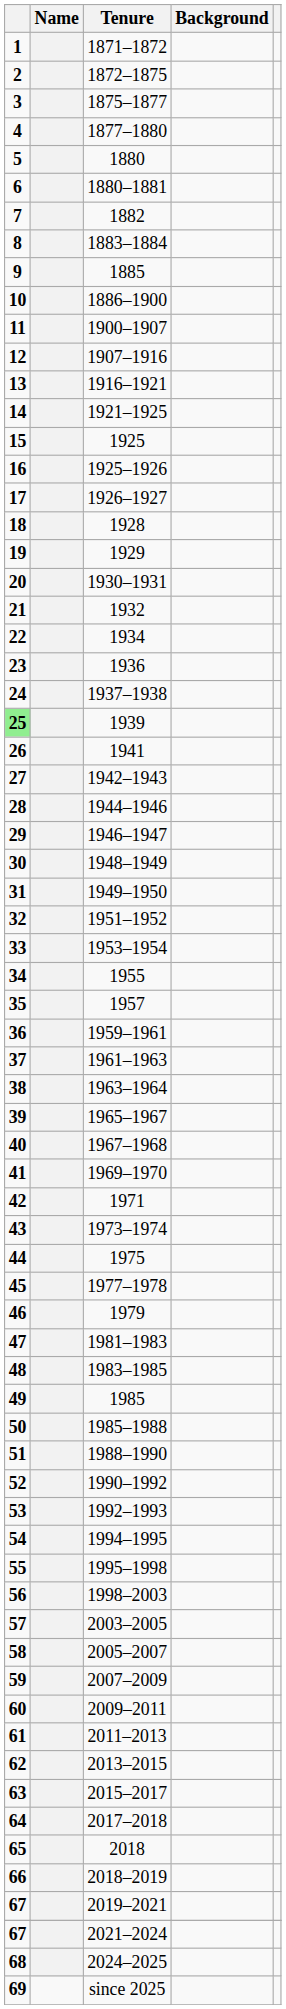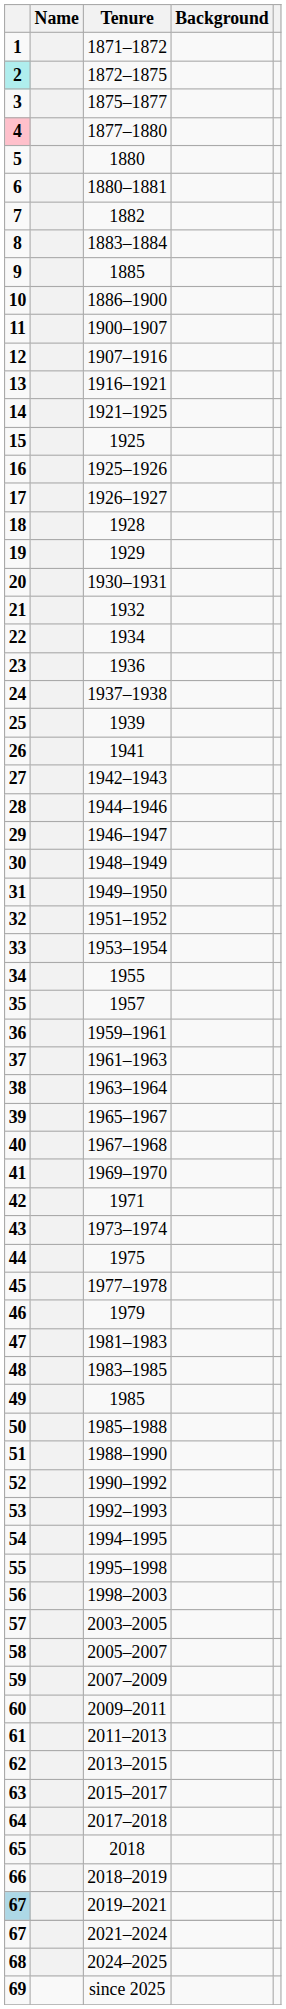 <table class="wikitable sortable plainrowheaders">
 <tr>
 <th scope="col"></th>
 <th scope="col">Name</th>
 <th scope="col">Tenure</th>
 <th class="unsortable" scope="col">Background</th>
 <th class="unsortable" scope="col"></th>
 </tr>
 <tr id="1">
 <td style="text-align:center;" scope="row"><strong>1</strong></td>
 <th scope="row"></th>
 <td style="text-align:center;">1871–1872</td>
 <td></td>
 <td style="text-align:center;"></td>
 </tr>
 <tr id="2">
-<td style="text-align:center;" scope="row"><strong>2</strong></td>
+<td style="background: paleturquoise; text-align:center;" scope="row"><strong>2</strong></td>
 <th scope="row"></th>
 <td style="text-align:center;">1872–1875</td>
 <td></td>
 <td style="text-align:center;"></td>
 </tr>
 <tr id="3">
 <td style="text-align:center;" scope="row"><strong>3</strong></td>
 <th scope="row"></th>
 <td style="text-align:center;">1875–1877</td>
 <td></td>
 <td style="text-align:center;"></td>
 </tr>
 <tr id="4">
-<td style="text-align:center;" scope="row"><strong>4</strong></td>
+<td style="background: pink; text-align:center;" scope="row"><strong>4</strong></td>
 <th scope="row"></th>
 <td style="text-align:center;">1877–1880</td>
 <td></td>
 <td style="text-align:center;"></td>
 </tr>
 <tr id="5">
 <td style="text-align:center;" scope="row"><strong>5</strong></td>
 <th scope="row"></th>
 <td style="text-align:center;">1880</td>
 <td></td>
 <td style="text-align:center;"></td>
 </tr>
 <tr id="6">
 <td style="text-align:center;" scope="row"><strong>6</strong></td>
 <th scope="row"></th>
 <td style="text-align:center;">1880–1881</td>
 <td></td>
 <td style="text-align:center;"></td>
 </tr>
 <tr id="7">
 <td style="text-align:center;" scope="row"><strong>7</strong></td>
 <th scope="row"></th>
 <td style="text-align:center;">1882</td>
 <td></td>
 <td style="text-align:center;"></td>
 </tr>
 <tr id="8">
 <td style="text-align:center;" scope="row"><strong>8</strong></td>
 <th scope="row"></th>
 <td style="text-align:center;">1883–1884</td>
 <td></td>
 <td style="text-align:center;"></td>
 </tr>
 <tr id="9">
 <td style="text-align:center;" scope="row"><strong>9</strong></td>
 <th scope="row"></th>
 <td style="text-align:center;">1885</td>
 <td></td>
 <td style="text-align:center;"></td>
 </tr>
 <tr id="10">
 <td style="text-align:center;" scope="row"><strong>10</strong></td>
 <th scope="row"></th>
 <td style="text-align:center;">1886–1900</td>
 <td></td>
 <td style="text-align:center;"></td>
 </tr>
 <tr id="11">
 <td style="text-align:center;" scope="row"><strong>11</strong></td>
 <th scope="row"></th>
 <td style="text-align:center;">1900–1907</td>
 <td></td>
 <td style="text-align:center;"></td>
 </tr>
 <tr id="12">
 <td style="text-align:center;" scope="row"><strong>12</strong></td>
 <th scope="row"></th>
 <td style="text-align:center;">1907–1916</td>
 <td></td>
 <td style="text-align:center;"></td>
 </tr>
 <tr id="13">
 <td style="text-align:center;" scope="row"><strong>13</strong></td>
 <th scope="row"></th>
 <td style="text-align:center;">1916–1921</td>
 <td></td>
 <td style="text-align:center;"></td>
 </tr>
 <tr id="14">
 <td style="text-align:center;" scope="row"><strong>14</strong></td>
 <th scope="row"></th>
 <td style="text-align:center;">1921–1925</td>
 <td></td>
 <td style="text-align:center;"></td>
 </tr>
 <tr id="15">
 <td style="text-align:center;" scope="row"><strong>15</strong></td>
 <th scope="row"></th>
 <td style="text-align:center;">1925</td>
 <td></td>
 <td style="text-align:center;"></td>
 </tr>
 <tr id="16">
 <td style="text-align:center;" scope="row"><strong>16</strong></td>
 <th scope="row"></th>
 <td style="text-align:center;">1925–1926</td>
 <td></td>
 <td style="text-align:center;"></td>
 </tr>
 <tr id="17">
 <td style="text-align:center;" scope="row"><strong>17</strong></td>
 <th scope="row"></th>
 <td style="text-align:center;">1926–1927</td>
 <td></td>
 <td style="text-align:center;"></td>
 </tr>
 <tr id="18">
 <td style="text-align:center;" scope="row"><strong>18</strong></td>
 <th scope="row"></th>
 <td style="text-align:center;">1928</td>
 <td></td>
 <td style="text-align:center;"></td>
 </tr>
 <tr id="19">
 <td style="text-align:center;" scope="row"><strong>19</strong></td>
 <th scope="row"></th>
 <td style="text-align:center;">1929</td>
 <td></td>
 <td style="text-align:center;"></td>
 </tr>
 <tr id="20">
 <td style="text-align:center;" scope="row"><strong>20</strong></td>
 <th scope="row"></th>
 <td style="text-align:center;">1930–1931</td>
 <td></td>
 <td style="text-align:center;"></td>
 </tr>
 <tr id="21">
 <td style="text-align:center;" scope="row"><strong>21</strong></td>
 <th scope="row"></th>
 <td style="text-align:center;">1932</td>
 <td></td>
 <td style="text-align:center;"></td>
 </tr>
 <tr id="22">
 <td style="text-align:center;" scope="row"><strong>22</strong></td>
 <th scope="row"></th>
 <td style="text-align:center;">1934</td>
 <td></td>
 <td style="text-align:center;"></td>
 </tr>
 <tr id="23">
 <td style="text-align:center;" scope="row"><strong>23</strong></td>
 <th scope="row"></th>
 <td style="text-align:center;">1936</td>
 <td></td>
 <td style="text-align:center;"></td>
 </tr>
 <tr id="24">
 <td style="text-align:center;" scope="row"><strong>24</strong></td>
 <th scope="row"></th>
 <td style="text-align:center;">1937–1938</td>
 <td></td>
 <td style="text-align:center;"></td>
 </tr>
 <tr id="25">
-<td style="background: lightgreen; text-align:center;" scope="row"><strong>25</strong></td>
+<td style="text-align:center;" scope="row"><strong>25</strong></td>
 <th scope="row"></th>
 <td style="text-align:center;">1939</td>
 <td></td>
 <td style="text-align:center;"></td>
 </tr>
 <tr id="26">
 <td style="text-align:center;" scope="row"><strong>26</strong></td>
 <th scope="row"></th>
 <td style="text-align:center;">1941</td>
 <td></td>
 <td style="text-align:center;"></td>
 </tr>
 <tr id="27">
 <td style="text-align:center;" scope="row"><strong>27</strong></td>
 <th scope="row"></th>
 <td style="text-align:center;">1942–1943</td>
 <td></td>
 <td style="text-align:center;"></td>
 </tr>
 <tr id="28">
 <td style="text-align:center;" scope="row"><strong>28</strong></td>
 <th scope="row"></th>
 <td style="text-align:center;">1944–1946</td>
 <td></td>
 <td style="text-align:center;"></td>
 </tr>
 <tr id="29">
 <td style="text-align:center;" scope="row"><strong>29</strong></td>
 <th scope="row"></th>
 <td style="text-align:center;">1946–1947</td>
 <td></td>
 <td style="text-align:center;"></td>
 </tr>
 <tr id="30">
 <td style="text-align:center;" scope="row"><strong>30</strong></td>
 <th scope="row"></th>
 <td style="text-align:center;">1948–1949</td>
 <td></td>
 <td style="text-align:center;"></td>
 </tr>
 <tr id="31">
 <td style="text-align:center;" scope="row"><strong>31</strong></td>
 <th scope="row"></th>
 <td style="text-align:center;">1949–1950</td>
 <td></td>
 <td style="text-align:center;"></td>
 </tr>
 <tr id="32">
 <td style="text-align:center;" scope="row"><strong>32</strong></td>
 <th scope="row"></th>
 <td style="text-align:center;">1951–1952</td>
 <td></td>
 <td style="text-align:center;"></td>
 </tr>
 <tr id="33">
 <td style="text-align:center;" scope="row"><strong>33</strong></td>
 <th scope="row"></th>
 <td style="text-align:center;">1953–1954</td>
 <td></td>
 <td style="text-align:center;"></td>
 </tr>
 <tr id="34">
 <td style="text-align:center;" scope="row"><strong>34</strong></td>
 <th scope="row"></th>
 <td style="text-align:center;">1955</td>
 <td></td>
 <td style="text-align:center;"></td>
 </tr>
 <tr id="35">
 <td style="text-align:center;" scope="row"><strong>35</strong></td>
 <th scope="row"></th>
 <td style="text-align:center;">1957</td>
 <td></td>
 <td style="text-align:center;"></td>
 </tr>
 <tr id=36>
 <td style="text-align:center;" scope="row"><strong>36</strong></td>
 <th scope="row"></th>
 <td style="text-align:center;">1959–1961</td>
 <td></td>
 <td style="text-align:center;"></td>
 </tr>
 <tr id="37">
 <td style="text-align:center;" scope="row"><strong>37</strong></td>
 <th scope="row"></th>
 <td style="text-align:center;">1961–1963</td>
 <td></td>
 <td style="text-align:center;"></td>
 </tr>
 <tr id="38">
 <td style="text-align:center;" scope="row"><strong>38</strong></td>
 <th scope="row"></th>
 <td style="text-align:center;">1963–1964</td>
 <td></td>
 <td style="text-align:center;"></td>
 </tr>
 <tr id="39">
 <td style="text-align:center;" scope="row"><strong>39</strong></td>
 <th scope="row"></th>
 <td style="text-align:center;">1965–1967</td>
 <td></td>
 <td style="text-align:center;"></td>
 </tr>
 <tr id="40">
 <td style="text-align:center;" scope="row"><strong>40</strong></td>
 <th scope="row"></th>
 <td style="text-align:center;">1967–1968</td>
 <td></td>
 <td style="text-align:center;"></td>
 </tr>
 <tr id="41">
 <td style="text-align:center;" scope="row"><strong>41</strong></td>
 <th scope="row"></th>
 <td style="text-align:center;">1969–1970</td>
 <td></td>
 <td style="text-align:center;"></td>
 </tr>
 <tr id="42">
 <td style="text-align:center;" scope="row"><strong>42</strong></td>
 <th scope="row"></th>
 <td style="text-align:center;">1971</td>
 <td></td>
 <td style="text-align:center;"></td>
 </tr>
 <tr id="43">
 <td style="text-align:center;" scope="row"><strong>43</strong></td>
 <th scope="row"></th>
 <td style="text-align:center;">1973–1974</td>
 <td></td>
 <td style="text-align:center;"></td>
 </tr>
 <tr id="44">
 <td style="text-align:center;" scope="row"><strong>44</strong></td>
 <th scope="row"></th>
 <td style="text-align:center;">1975</td>
 <td></td>
 <td style="text-align:center;"></td>
 </tr>
 <tr id="45">
 <td style="text-align:center;" scope="row"><strong>45</strong></td>
 <th scope="row"></th>
 <td style="text-align:center;">1977–1978</td>
 <td></td>
 <td style="text-align:center;"></td>
 </tr>
 <tr id="46">
 <td style="text-align:center;" scope="row"><strong>46</strong></td>
 <th scope="row"></th>
 <td style="text-align:center;">1979</td>
 <td></td>
 <td style="text-align:center;"></td>
 </tr>
 <tr id="47">
 <td style="text-align:center;" scope="row"><strong>47</strong></td>
 <th scope="row"></th>
 <td style="text-align:center;">1981–1983</td>
 <td></td>
 <td style="text-align:center;"></td>
 </tr>
 <tr id="48">
 <td style="text-align:center;" scope="row"><strong>48</strong></td>
 <th scope="row"></th>
 <td style="text-align:center;">1983–1985</td>
 <td></td>
 <td style="text-align:center;"></td>
 </tr>
 <tr id="49">
 <td style="text-align:center;" scope="row"><strong>49</strong></td>
 <th scope="row"></th>
 <td style="text-align:center;">1985</td>
 <td></td>
 <td style="text-align:center;"></td>
 </tr>
 <tr id="50">
 <td style="text-align:center;" scope="row"><strong>50</strong></td>
 <th scope="row"></th>
 <td style="text-align:center;">1985–1988</td>
 <td></td>
 <td style="text-align:center;"></td>
 </tr>
 <tr id="51">
 <td style="text-align:center;" scope="row"><strong>51</strong></td>
 <th scope="row"></th>
 <td style="text-align:center;">1988–1990</td>
 <td></td>
 <td style="text-align:center;"></td>
 </tr>
 <tr id="52">
 <td style="text-align:center;" scope="row"><strong>52</strong></td>
 <th scope="row"></th>
 <td style="text-align:center;">1990–1992</td>
 <td></td>
 <td style="text-align:center;"></td>
 </tr>
 <tr id="53">
 <td style="text-align:center;" scope="row"><strong>53</strong></td>
 <th scope="row"></th>
 <td style="text-align:center;">1992–1993</td>
 <td></td>
 <td style="text-align:center;"></td>
 </tr>
 <tr id="54">
 <td style="text-align:center;" scope="row"><strong>54</strong></td>
 <th scope="row"></th>
 <td style="text-align:center;">1994–1995</td>
 <td></td>
 <td style="text-align:center;"></td>
 </tr>
 <tr id="55">
 <td style="text-align:center;" scope="row"><strong>55</strong></td>
 <th scope="row"></th>
 <td style="text-align:center;">1995–1998</td>
 <td></td>
 <td style="text-align:center;"></td>
 </tr>
 <tr id="56">
 <td style="text-align:center;" scope="row"><strong>56</strong></td>
 <th scope="row"></th>
 <td style="text-align:center;">1998–2003</td>
 <td></td>
 <td style="text-align:center;"></td>
 </tr>
 <tr id="57">
 <td style="text-align:center;" scope="row"><strong>57</strong></td>
 <th scope="row"></th>
 <td style="text-align:center;">2003–2005</td>
 <td></td>
 <td style="text-align:center;"></td>
 </tr>
 <tr id="58">
 <td style="text-align:center;" scope="row"><strong>58</strong></td>
 <th scope="row"></th>
 <td style="text-align:center;">2005–2007</td>
 <td></td>
 <td style="text-align:center;"></td>
 </tr>
 <tr id="59">
 <td style="text-align:center;" scope="row"><strong>59</strong></td>
 <th scope="row"></th>
 <td style="text-align:center;">2007–2009</td>
 <td></td>
 <td style="text-align:center;"></td>
 </tr>
 <tr id="60">
 <td style="text-align:center;" scope="row"><strong>60</strong></td>
 <th scope="row"></th>
 <td style="text-align:center;">2009–2011</td>
 <td></td>
 <td style="text-align:center;"></td>
 </tr>
 <tr id="61">
 <td style="text-align:center;" scope="row"><strong>61</strong></td>
 <th scope="row"></th>
 <td style="text-align:center;">2011–2013</td>
 <td></td>
 <td style="text-align:center;"></td>
 </tr>
 <tr id="62">
 <td style="text-align:center;" scope="row"><strong>62</strong></td>
 <th scope="row"></th>
 <td style="text-align:center;">2013–2015</td>
 <td></td>
 <td style="text-align:center;"></td>
 </tr>
 <tr id="63">
 <td style="text-align:center;" scope="row"><strong>63</strong></td>
 <th scope="row"></th>
 <td style="text-align:center;">2015–2017</td>
 <td></td>
 <td style="text-align:center;"></td>
 </tr>
 <tr id="64">
 <td style="text-align:center;" scope="row"><strong>64</strong></td>
 <th scope="row"></th>
 <td style="text-align:center;">2017–2018</td>
 <td></td>
 <td style="text-align:center;"></td>
 </tr>
 <tr id="65">
 <td style="text-align:center;" scope="row"><strong>65</strong></td>
 <th scope="row"></th>
 <td style="text-align:center;">2018</td>
 <td></td>
 <td style="text-align:center;"></td>
 </tr>
 <tr id="66">
 <td style="text-align:center;" scope="row"><strong>66</strong></td>
 <th scope="row"></th>
 <td style="text-align:center;">2018–2019</td>
 <td></td>
 <td style="text-align:center;"></td>
 </tr>
 <tr id="67">
-<td style="text-align:center;" scope="row"><strong>67</strong></td>
+<td style="background: lightblue; text-align:center;" scope="row"><strong>67</strong></td>
 <th scope="row"></th>
 <td style="text-align:center;">2019–2021</td>
 <td></td>
 <td style="text-align:center;"></td>
 </tr>
 <tr>
 </tr>
 <tr id="67">
 <td style="text-align:center;" scope="row"><strong>67</strong></td>
 <th scope="row"></th>
 <td style="text-align:center;">2021–2024</td>
 <td></td>
 <td style="text-align:center;"></td>
 </tr>
 <tr id="68">
 <td style="text-align:center;" scope="row"><strong>68</strong></td>
 <th scope="row"></th>
 <td style="text-align:center;">2024–2025</td>
 <td></td>
 <td></td>
 </tr>
 <tr id="69">
 <td style="text-align:center;" scope="row"><strong>69</strong></td>
 <td scope="row"></td>
 <td style="text-align:center;">since 2025</td>
 <td></td>
 <td></td>
 </tr>
 </table>
